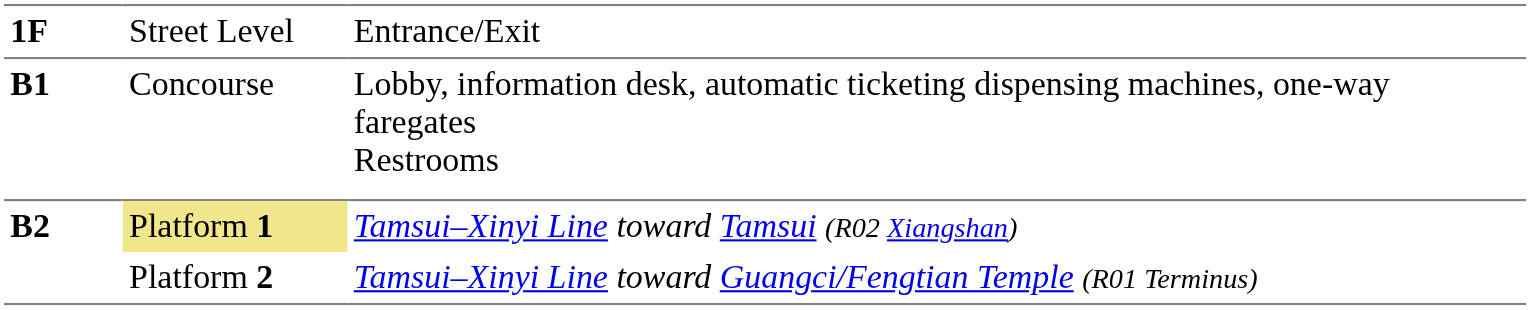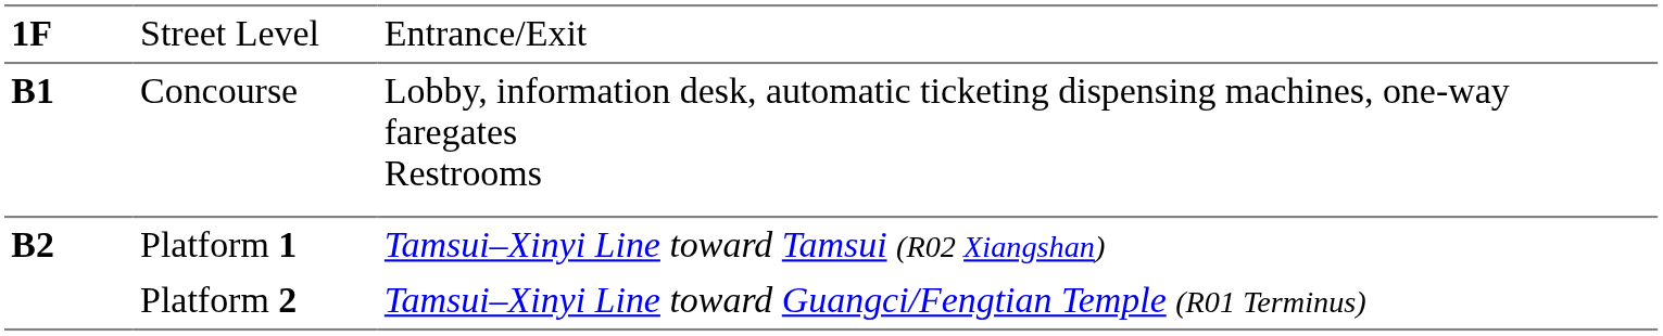 <table table border=0 cellspacing=0 cellpadding=3>
 <tr>
 <td style="border-bottom:solid 1px gray;border-top:solid 1px gray;" width=50 valign=top><strong>1F</strong></td>
 <td style="border-top:solid 1px gray;border-bottom:solid 1px gray;" width=100 valign=top>Street Level</td>
 <td style="border-top:solid 1px gray;border-bottom:solid 1px gray;" width=550 valign=top>Entrance/Exit</td>
 </tr>
 <tr>
 <td style="border-bottom:solid 1px gray;" rowspan=2 valign=top width=50><strong>B1</strong></td>
 <td style="border-bottom:solid 1px gray;" rowspan=2 valign=top width=100>Concourse</td>
 <td width=390>Lobby, information desk, automatic ticketing dispensing machines, one-way faregates <br>Restrooms</td>
 </tr>
 <tr>
 <td style="border-bottom:solid 1px gray;"></td>
 </tr>
 <tr>
 <td style="border-bottom:solid 1px gray;" rowspan=3 valign=top><strong>B2</strong></td>
-<td style="background: khaki;">Platform <span><strong>1</strong></span></td>
+<td>Platform <span><strong>1</strong></span></td>
 <td><em> <a href='#'>Tamsui–Xinyi Line</a> toward <a href='#'>Tamsui</a> <small>(R02 <a href='#'>Xiangshan</a>)</small></em></td>
 </tr>
 <tr>
 <td style="border-bottom:solid 1px gray;">Platform <span><strong>2</strong></span></td>
 <td style="border-bottom:solid 1px gray;"><em> <a href='#'>Tamsui–Xinyi Line</a> toward <a href='#'>Guangci/Fengtian Temple</a> <small>(R01 Terminus)</small></em></td>
 </tr>
 </table>
